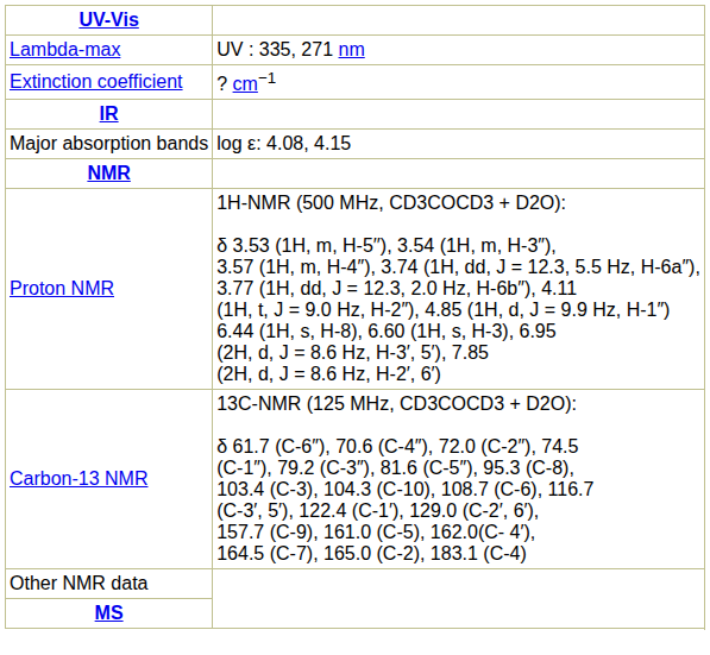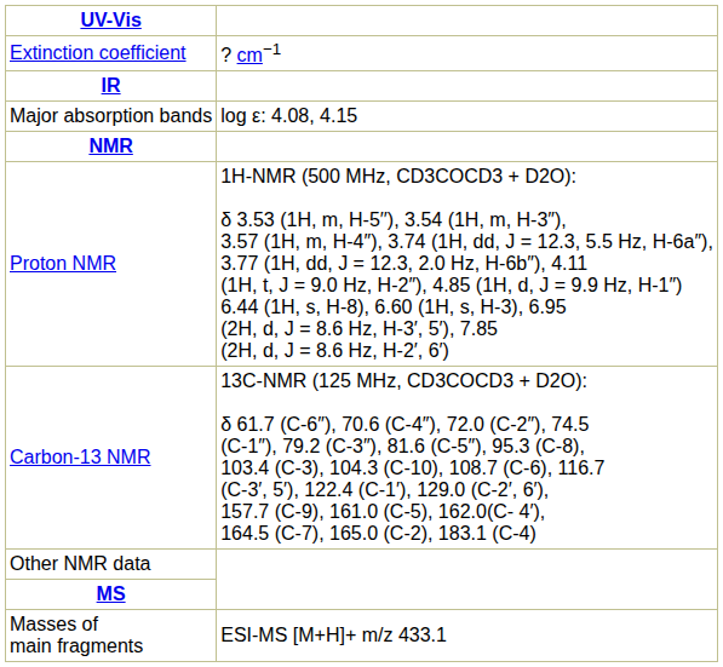 <table border="1" cellspacing="0" cellpadding="3" style="margin: 0 0 0 0.5em; background: #FFFFFF; border-collapse: collapse; border-color: #C0C090;">
 <tr>
 <th><a href='#'>UV-Vis</a></th>
-</tr>
-<tr>
-<td><a href='#'>Lambda-max</a></td>
-<td>UV : 335, 271 <a href='#'>nm</a></td>
 </tr>
 <tr>
 <td><a href='#'>Extinction coefficient</a></td>
 <td>? <a href='#'>cm</a><sup>−1</sup></td>
 </tr>
 <tr>
 <th><a href='#'>IR</a></th>
 </tr>
 <tr>
 <td>Major absorption bands</td>
 <td>log ε: 4.08, 4.15</td>
 </tr>
 <tr>
 <th><a href='#'>NMR</a></th>
 </tr>
 <tr>
 <td><a href='#'>Proton NMR</a> </td>
 <td>1H-NMR (500 MHz, CD3COCD3 + D2O): <br><br>δ 3.53 (1H, m, H-5′′), 3.54 (1H, m, H-3″), <br> 3.57 (1H, m, H-4″), 3.74 (1H, dd, J = 12.3, 5.5 Hz, H-6a″),<br> 3.77 (1H, dd, J = 12.3, 2.0 Hz, H-6b″), 4.11 <br> (1H, t, J = 9.0 Hz, H-2″), 4.85 (1H, d, J = 9.9 Hz, H-1″)<br> 6.44 (1H, s, H-8), 6.60 (1H, s, H-3), 6.95 <br> (2H, d, J = 8.6 Hz, H-3′, 5′), 7.85 <br> (2H, d, J = 8.6 Hz, H-2′, 6′)</td>
 </tr>
 <tr>
 <td><a href='#'>Carbon-13 NMR</a> </td>
 <td>13C-NMR (125 MHz, CD3COCD3 + D2O): <br><br>δ 61.7 (C-6″), 70.6 (C-4″), 72.0 (C-2″), 74.5<br> (C-1″), 79.2 (C-3″), 81.6 (C-5″), 95.3 (C-8), <br> 103.4 (C-3), 104.3 (C-10), 108.7 (C-6), 116.7 <br> (C-3′, 5′), 122.4 (C-1′), 129.0 (C-2′, 6′), <br> 157.7 (C-9), 161.0 (C-5), 162.0(C- 4′), <br> 164.5 (C-7), 165.0 (C-2), 183.1 (C-4)</td>
 </tr>
 <tr>
 <td>Other NMR data </td>
 </tr>
 <tr>
 <th><a href='#'>MS</a></th>
 </tr>
 <tr>
+<td>Masses of <br>main fragments</td>
+<td>ESI-MS [M+H]+ m/z 433.1</td>
+</tr>
+<tr>
 </tr>
 </table>
